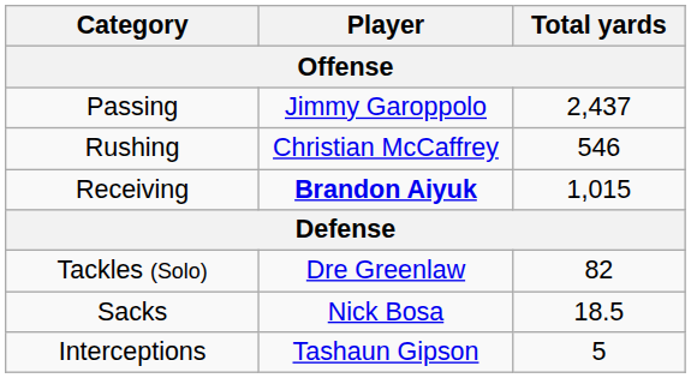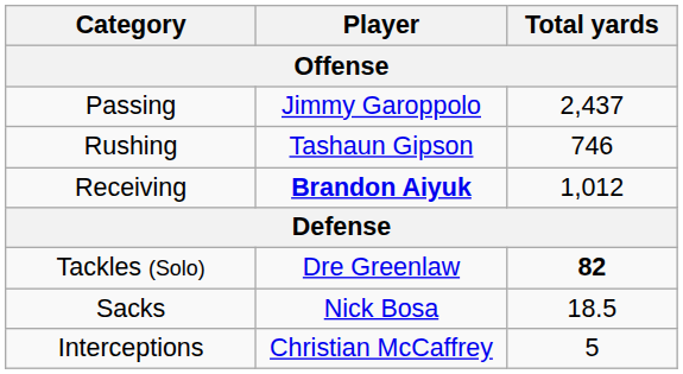 <table class="wikitable" style="text-align:center">
 <tr>
 <th width="150">Category</th>
 <th width="150">Player</th>
 <th width="100">Total yards</th>
 </tr>
 <tr>
 <th align="center" colspan="4">Offense</th>
 </tr>
 <tr>
 <td>Passing</td>
 <td><a href='#'>Jimmy Garoppolo</a></td>
 <td>2,437</td>
 </tr>
 <tr>
 <td>Rushing</td>
-<td><a href='#'>Christian McCaffrey</a></td>
-<td>546</td>
+<td><a href='#'>Tashaun Gipson</a></td>
+<td>746</td>
 </tr>
 <tr>
 <td>Receiving</td>
 <td><strong><a href='#'>Brandon Aiyuk</a></strong></td>
-<td>1,015</td>
+<td>1,012</td>
 </tr>
 <tr>
 <th align="center" colspan="4">Defense</th>
 </tr>
 <tr>
 <td>Tackles <small>(Solo)</small></td>
 <td><a href='#'>Dre Greenlaw</a></td>
-<td>82</td>
+<td><strong>82</strong></td>
 </tr>
 <tr>
 <td>Sacks</td>
 <td><a href='#'>Nick Bosa</a></td>
 <td>18.5</td>
 </tr>
 <tr>
 <td>Interceptions</td>
-<td><a href='#'>Tashaun Gipson</a></td>
+<td><a href='#'>Christian McCaffrey</a></td>
 <td>5</td>
 </tr>
 </table>
